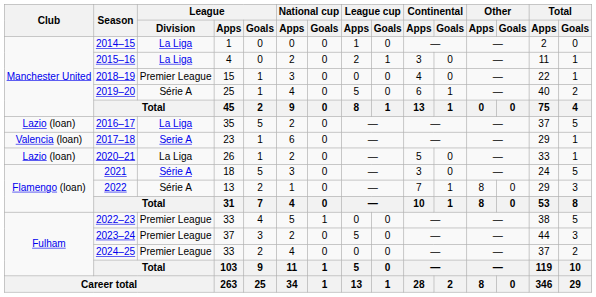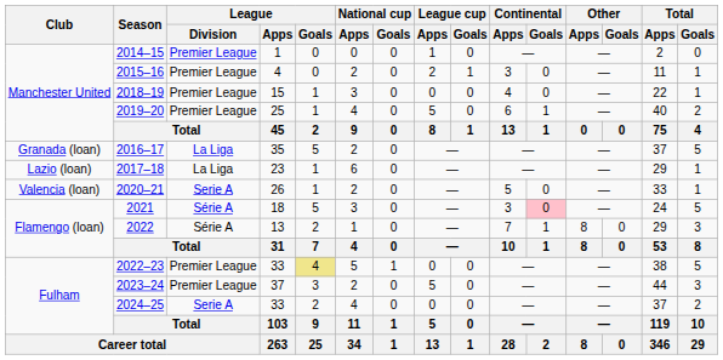 <table class="wikitable" style="text-align:center">
 <tr>
 <th rowspan="2">Club</th>
 <th rowspan="2">Season</th>
 <th colspan="3">League</th>
 <th colspan="2">National cup</th>
 <th colspan="2">League cup</th>
 <th colspan="2">Continental</th>
 <th colspan="2">Other</th>
 <th colspan="2">Total</th>
 </tr>
 <tr>
 <th>Division</th>
 <th>Apps</th>
 <th>Goals</th>
 <th>Apps</th>
 <th>Goals</th>
 <th>Apps</th>
 <th>Goals</th>
 <th>Apps</th>
 <th>Goals</th>
 <th>Apps</th>
 <th>Goals</th>
 <th>Apps</th>
 <th>Goals</th>
 </tr>
 <tr>
 <td rowspan="5"><a href='#'>Manchester United</a></td>
 <td><a href='#'>2014–15</a></td>
-<td><a href='#'>La Liga</a></td>
+<td><a href='#'>Premier League</a></td>
 <td>1</td>
 <td>0</td>
 <td>0</td>
 <td>0</td>
 <td>1</td>
 <td>0</td>
 <td colspan="2">—</td>
 <td colspan="2">—</td>
 <td>2</td>
 <td>0</td>
 </tr>
 <tr>
 <td><a href='#'>2015–16</a></td>
-<td><a href='#'>La Liga</a></td>
+<td>Premier League</td>
 <td>4</td>
 <td>0</td>
 <td>2</td>
 <td>0</td>
 <td>2</td>
 <td>1</td>
 <td>3</td>
 <td>0</td>
 <td colspan="2">—</td>
 <td>11</td>
 <td>1</td>
 </tr>
 <tr>
 <td><a href='#'>2018–19</a></td>
 <td>Premier League</td>
 <td>15</td>
 <td>1</td>
 <td>3</td>
 <td>0</td>
 <td>0</td>
 <td>0</td>
 <td>4</td>
 <td>0</td>
 <td colspan="2">—</td>
 <td>22</td>
 <td>1</td>
 </tr>
 <tr>
 <td><a href='#'>2019–20</a></td>
-<td>Série A</td>
+<td>Premier League</td>
 <td>25</td>
 <td>1</td>
 <td>4</td>
 <td>0</td>
 <td>5</td>
 <td>0</td>
 <td>6</td>
 <td>1</td>
 <td colspan="2">—</td>
 <td>40</td>
 <td>2</td>
 </tr>
 <tr>
 <th colspan="2">Total</th>
 <th>45</th>
 <th>2</th>
 <th>9</th>
 <th>0</th>
 <th>8</th>
 <th>1</th>
 <th>13</th>
 <th>1</th>
 <th>0</th>
 <th>0</th>
 <th>75</th>
 <th>4</th>
 </tr>
 <tr>
-<td><a href='#'>Lazio</a> (loan)</td>
+<td><a href='#'>Granada</a> (loan)</td>
 <td><a href='#'>2016–17</a></td>
 <td><a href='#'>La Liga</a></td>
 <td>35</td>
 <td>5</td>
 <td>2</td>
 <td>0</td>
 <td colspan="2">—</td>
 <td colspan="2">—</td>
 <td colspan="2">—</td>
 <td>37</td>
 <td>5</td>
 </tr>
 <tr>
-<td><a href='#'>Valencia</a> (loan)</td>
+<td><a href='#'>Lazio</a> (loan)</td>
 <td><a href='#'>2017–18</a></td>
-<td><a href='#'>Serie A</a></td>
+<td>La Liga</td>
 <td>23</td>
 <td>1</td>
 <td>6</td>
 <td>0</td>
 <td colspan="2">—</td>
 <td colspan="2">—</td>
 <td colspan="2">—</td>
 <td>29</td>
 <td>1</td>
 </tr>
 <tr>
-<td><a href='#'>Lazio</a> (loan)</td>
+<td><a href='#'>Valencia</a> (loan)</td>
 <td><a href='#'>2020–21</a></td>
-<td>La Liga</td>
+<td><a href='#'>Serie A</a></td>
 <td>26</td>
 <td>1</td>
 <td>2</td>
 <td>0</td>
 <td colspan="2">—</td>
 <td>5</td>
 <td>0</td>
 <td colspan="2">—</td>
 <td>33</td>
 <td>1</td>
 </tr>
 <tr>
 <td rowspan="3"><a href='#'>Flamengo</a> (loan)</td>
 <td><a href='#'>2021</a></td>
 <td><a href='#'>Série A</a></td>
 <td>18</td>
 <td>5</td>
 <td>3</td>
 <td>0</td>
 <td colspan="2">—</td>
 <td>3</td>
-<td>0</td>
+<td style="background: pink;">0</td>
 <td colspan="2">—</td>
 <td>24</td>
 <td>5</td>
 </tr>
 <tr>
 <td><a href='#'>2022</a></td>
 <td>Série A</td>
 <td>13</td>
 <td>2</td>
 <td>1</td>
 <td>0</td>
 <td colspan="2">—</td>
 <td>7</td>
 <td>1</td>
 <td>8</td>
 <td>0</td>
 <td>29</td>
 <td>3</td>
 </tr>
 <tr>
 <th colspan="2">Total</th>
 <th>31</th>
 <th>7</th>
 <th>4</th>
 <th>0</th>
 <th colspan="2">—</th>
 <th>10</th>
 <th>1</th>
 <th>8</th>
 <th>0</th>
 <th>53</th>
 <th>8</th>
 </tr>
 <tr>
 <td rowspan="4"><a href='#'>Fulham</a></td>
 <td><a href='#'>2022–23</a></td>
 <td>Premier League</td>
 <td>33</td>
-<td>4</td>
+<td style="background: khaki;">4</td>
 <td>5</td>
 <td>1</td>
 <td>0</td>
 <td>0</td>
 <td colspan="2">—</td>
 <td colspan="2">—</td>
 <td>38</td>
 <td>5</td>
 </tr>
 <tr>
 <td><a href='#'>2023–24</a></td>
 <td>Premier League</td>
 <td>37</td>
 <td>3</td>
 <td>2</td>
 <td>0</td>
 <td>5</td>
 <td>0</td>
 <td colspan="2">—</td>
 <td colspan="2">—</td>
 <td>44</td>
 <td>3</td>
 </tr>
 <tr>
 <td><a href='#'>2024–25</a></td>
-<td>Premier League</td>
+<td><a href='#'>Serie A</a></td>
 <td>33</td>
 <td>2</td>
 <td>4</td>
 <td>0</td>
 <td>0</td>
 <td>0</td>
 <td colspan="2">—</td>
 <td colspan="2">—</td>
 <td>37</td>
 <td>2</td>
 </tr>
 <tr>
 <th colspan="2">Total</th>
 <th>103</th>
 <th>9</th>
 <th>11</th>
 <th>1</th>
 <th>5</th>
 <th>0</th>
 <th colspan="2">—</th>
 <th colspan="2">—</th>
 <th>119</th>
 <th>10</th>
 </tr>
 <tr>
 <th colspan="3">Career total</th>
 <th>263</th>
 <th>25</th>
 <th>34</th>
 <th>1</th>
 <th>13</th>
 <th>1</th>
 <th>28</th>
 <th>2</th>
 <th>8</th>
 <th>0</th>
 <th>346</th>
 <th>29</th>
 </tr>
 </table>
